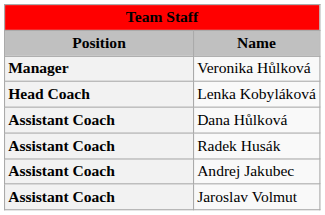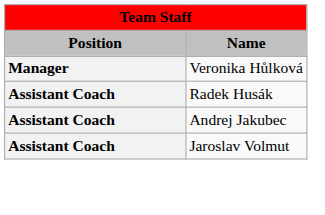 <table class="wikitable" style="text-align:left; font-size:90%;">
 <tr>
 <th style=background:red colspan=2>Team Staff</th>
 </tr>
 <tr>
 <th width=60% style="background:silver;">Position</th>
 <th style="background:silver;">Name</th>
 </tr>
 <tr>
 <th style="text-align:left;">Manager</th>
 <td>Veronika Hůlková</td>
-</tr>
-<tr>
-<th style="text-align:left;">Head Coach</th>
-<td>Lenka Kobyláková</td>
-</tr>
-<tr>
-<th style="text-align:left;">Assistant Coach</th>
-<td>Dana Hůlková</td>
 </tr>
 <tr>
 <th style="text-align:left;">Assistant Coach</th>
 <td>Radek Husák</td>
 </tr>
 <tr>
 <th style="text-align:left;">Assistant Coach</th>
 <td>Andrej Jakubec</td>
 </tr>
 <tr>
 <th style="text-align:left;">Assistant Coach</th>
 <td>Jaroslav Volmut</td>
 </tr>
 </table>
